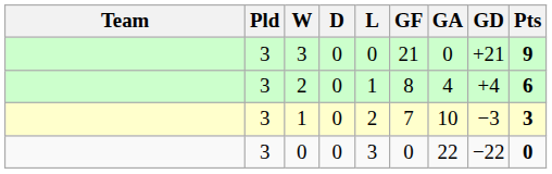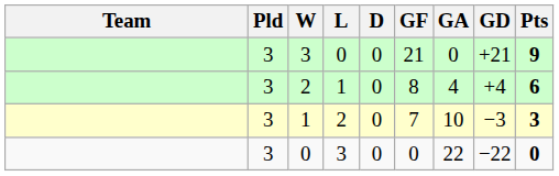 <table class="wikitable" style="text-align:center;">
 <tr>
 <th width=180>Team</th>
 <th width=20>Pld</th>
 <th width=20>W</th>
+<th width=20>L</th>
 <th width=20>D</th>
-<th width=20>L</th>
 <th width=20>GF</th>
 <th width=20>GA</th>
 <th width=20>GD</th>
 <th width=20>Pts</th>
 </tr>
 <tr bgcolor="ccffcc">
 <td align="left"></td>
 <td>3</td>
 <td>3</td>
 <td>0</td>
 <td>0</td>
 <td>21</td>
 <td>0</td>
 <td>+21</td>
 <td><strong>9</strong></td>
 </tr>
 <tr bgcolor="ccffcc">
 <td align="left"></td>
 <td>3</td>
 <td>2</td>
+<td>1</td>
 <td>0</td>
-<td>1</td>
 <td>8</td>
 <td>4</td>
 <td>+4</td>
 <td><strong>6</strong></td>
 </tr>
 <tr bgcolor="ffffcc">
 <td align="left"><em></em></td>
 <td>3</td>
 <td>1</td>
+<td>2</td>
 <td>0</td>
-<td>2</td>
 <td>7</td>
 <td>10</td>
 <td>−3</td>
 <td><strong>3</strong></td>
 </tr>
 <tr>
 <td align="left"></td>
 <td>3</td>
 <td>0</td>
+<td>3</td>
 <td>0</td>
-<td>3</td>
 <td>0</td>
 <td>22</td>
 <td>−22</td>
 <td><strong>0</strong></td>
 </tr>
 </table>
